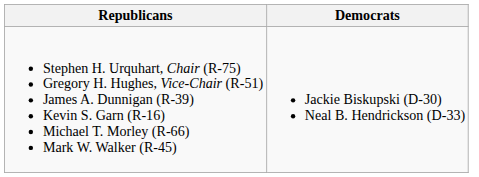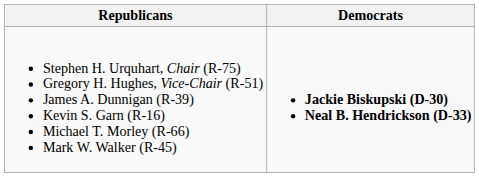 <table class=wikitable>
 <tr>
 <th>Republicans</th>
 <th>Democrats</th>
 </tr>
 <tr>
 <td><br><ul><li>Stephen H. Urquhart, <em>Chair</em> (R-75)</li><li>Gregory H. Hughes, <em>Vice-Chair</em> (R-51)</li><li>James A. Dunnigan (R-39)</li><li>Kevin S. Garn (R-16)</li><li>Michael T. Morley (R-66)</li><li>Mark W. Walker (R-45)</li></ul></td>
-<td><br><ul><li>Jackie Biskupski (D-30)</li><li>Neal B. Hendrickson (D-33)</li></ul></td>
+<td><strong><br><ul><li>Jackie Biskupski (D-30)</li><li>Neal B. Hendrickson (D-33)</li></ul></strong></td>
 </tr>
 </table>
